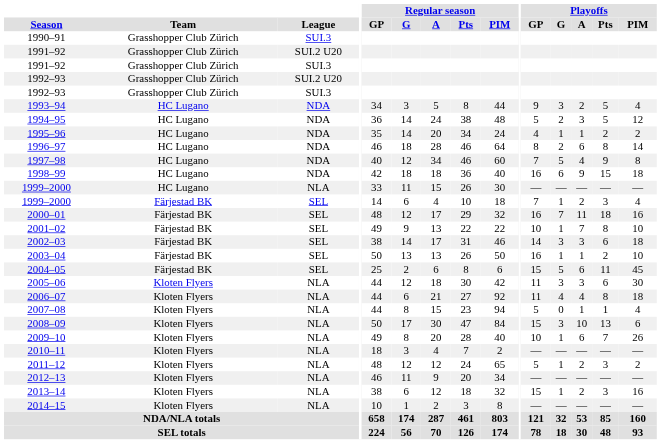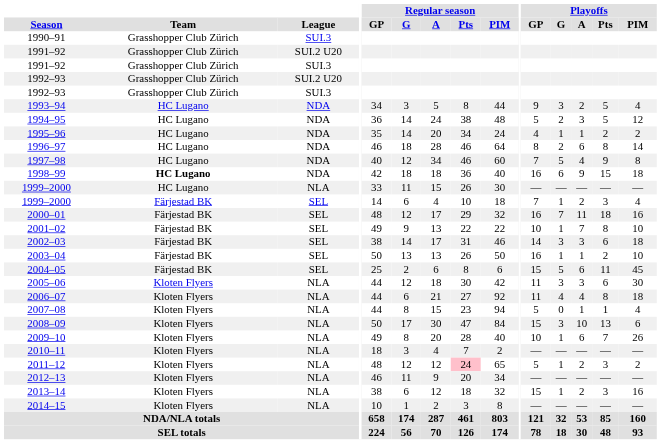 <table border="0" cellpadding="1" cellspacing="0" style="text-align:center; width:60em">
 <tr bgcolor="#e0e0e0">
 <th colspan="3" bgcolor="#ffffff"></th>
 <th rowspan="99" bgcolor="#ffffff"></th>
 <th colspan="5"><a href='#'>Regular season</a></th>
 <th rowspan="99" bgcolor="#ffffff"></th>
 <th colspan="5"><a href='#'>Playoffs</a></th>
 </tr>
 <tr bgcolor="#e0e0e0">
 <th><a href='#'>Season</a></th>
 <th>Team</th>
 <th>League</th>
 <th>GP</th>
 <th><a href='#'>G</a></th>
 <th><a href='#'>A</a></th>
 <th><a href='#'>Pts</a></th>
 <th><a href='#'>PIM</a></th>
 <th>GP</th>
 <th>G</th>
 <th>A</th>
 <th>Pts</th>
 <th>PIM</th>
 </tr>
 <tr>
 <td>1990–91</td>
 <td>Grasshopper Club Zürich</td>
 <td><a href='#'>SUI.3</a></td>
 <td></td>
 <td></td>
 <td></td>
 <td></td>
 <td></td>
 <td></td>
 <td></td>
 <td></td>
 <td></td>
 <td></td>
 </tr>
 <tr bgcolor="#f0f0f0">
 <td>1991–92</td>
 <td>Grasshopper Club Zürich</td>
 <td>SUI.2 U20</td>
 <td></td>
 <td></td>
 <td></td>
 <td></td>
 <td></td>
 <td></td>
 <td></td>
 <td></td>
 <td></td>
 <td></td>
 </tr>
 <tr>
 <td>1991–92</td>
 <td>Grasshopper Club Zürich</td>
 <td>SUI.3</td>
 <td></td>
 <td></td>
 <td></td>
 <td></td>
 <td></td>
 <td></td>
 <td></td>
 <td></td>
 <td></td>
 <td></td>
 </tr>
 <tr bgcolor="#f0f0f0">
 <td>1992–93</td>
 <td>Grasshopper Club Zürich</td>
 <td>SUI.2 U20</td>
 <td></td>
 <td></td>
 <td></td>
 <td></td>
 <td></td>
 <td></td>
 <td></td>
 <td></td>
 <td></td>
 <td></td>
 </tr>
 <tr>
 <td>1992–93</td>
 <td>Grasshopper Club Zürich</td>
 <td>SUI.3</td>
 <td></td>
 <td></td>
 <td></td>
 <td></td>
 <td></td>
 <td></td>
 <td></td>
 <td></td>
 <td></td>
 <td></td>
 </tr>
 <tr bgcolor="#f0f0f0">
 <td><a href='#'>1993–94</a></td>
 <td><a href='#'>HC Lugano</a></td>
 <td><a href='#'>NDA</a></td>
 <td>34</td>
 <td>3</td>
 <td>5</td>
 <td>8</td>
 <td>44</td>
 <td>9</td>
 <td>3</td>
 <td>2</td>
 <td>5</td>
 <td>4</td>
 </tr>
 <tr>
 <td><a href='#'>1994–95</a></td>
 <td>HC Lugano</td>
 <td>NDA</td>
 <td>36</td>
 <td>14</td>
 <td>24</td>
 <td>38</td>
 <td>48</td>
 <td>5</td>
 <td>2</td>
 <td>3</td>
 <td>5</td>
 <td>12</td>
 </tr>
 <tr bgcolor="#f0f0f0">
 <td><a href='#'>1995–96</a></td>
 <td>HC Lugano</td>
 <td>NDA</td>
 <td>35</td>
 <td>14</td>
 <td>20</td>
 <td>34</td>
 <td>24</td>
 <td>4</td>
 <td>1</td>
 <td>1</td>
 <td>2</td>
 <td>2</td>
 </tr>
 <tr>
 <td><a href='#'>1996–97</a></td>
 <td>HC Lugano</td>
 <td>NDA</td>
 <td>46</td>
 <td>18</td>
 <td>28</td>
 <td>46</td>
 <td>64</td>
 <td>8</td>
 <td>2</td>
 <td>6</td>
 <td>8</td>
 <td>14</td>
 </tr>
 <tr bgcolor="#f0f0f0">
 <td><a href='#'>1997–98</a></td>
 <td>HC Lugano</td>
 <td>NDA</td>
 <td>40</td>
 <td>12</td>
 <td>34</td>
 <td>46</td>
 <td>60</td>
 <td>7</td>
 <td>5</td>
 <td>4</td>
 <td>9</td>
 <td>8</td>
 </tr>
 <tr>
 <td><a href='#'>1998–99</a></td>
-<td>HC Lugano</td>
+<td><strong>HC Lugano</strong></td>
 <td>NDA</td>
 <td>42</td>
 <td>18</td>
 <td>18</td>
 <td>36</td>
 <td>40</td>
 <td>16</td>
 <td>6</td>
 <td>9</td>
 <td>15</td>
 <td>18</td>
 </tr>
 <tr bgcolor="#f0f0f0">
 <td><a href='#'>1999–2000</a></td>
 <td>HC Lugano</td>
 <td>NLA</td>
 <td>33</td>
 <td>11</td>
 <td>15</td>
 <td>26</td>
 <td>30</td>
 <td>—</td>
 <td>—</td>
 <td>—</td>
 <td>—</td>
 <td>—</td>
 </tr>
 <tr>
 <td><a href='#'>1999–2000</a></td>
 <td><a href='#'>Färjestad BK</a></td>
 <td><a href='#'>SEL</a></td>
 <td>14</td>
 <td>6</td>
 <td>4</td>
 <td>10</td>
 <td>18</td>
 <td>7</td>
 <td>1</td>
 <td>2</td>
 <td>3</td>
 <td>4</td>
 </tr>
 <tr bgcolor="#f0f0f0">
 <td><a href='#'>2000–01</a></td>
 <td>Färjestad BK</td>
 <td>SEL</td>
 <td>48</td>
 <td>12</td>
 <td>17</td>
 <td>29</td>
 <td>32</td>
 <td>16</td>
 <td>7</td>
 <td>11</td>
 <td>18</td>
 <td>16</td>
 </tr>
 <tr>
 <td><a href='#'>2001–02</a></td>
 <td>Färjestad BK</td>
 <td>SEL</td>
 <td>49</td>
 <td>9</td>
 <td>13</td>
 <td>22</td>
 <td>22</td>
 <td>10</td>
 <td>1</td>
 <td>7</td>
 <td>8</td>
 <td>10</td>
 </tr>
 <tr bgcolor="#f0f0f0">
 <td><a href='#'>2002–03</a></td>
 <td>Färjestad BK</td>
 <td>SEL</td>
 <td>38</td>
 <td>14</td>
 <td>17</td>
 <td>31</td>
 <td>46</td>
 <td>14</td>
 <td>3</td>
 <td>3</td>
 <td>6</td>
 <td>18</td>
 </tr>
 <tr>
 <td><a href='#'>2003–04</a></td>
 <td>Färjestad BK</td>
 <td>SEL</td>
 <td>50</td>
 <td>13</td>
 <td>13</td>
 <td>26</td>
 <td>50</td>
 <td>16</td>
 <td>1</td>
 <td>1</td>
 <td>2</td>
 <td>10</td>
 </tr>
 <tr bgcolor="#f0f0f0">
 <td><a href='#'>2004–05</a></td>
 <td>Färjestad BK</td>
 <td>SEL</td>
 <td>25</td>
 <td>2</td>
 <td>6</td>
 <td>8</td>
 <td>6</td>
 <td>15</td>
 <td>5</td>
 <td>6</td>
 <td>11</td>
 <td>45</td>
 </tr>
 <tr>
 <td><a href='#'>2005–06</a></td>
 <td><a href='#'>Kloten Flyers</a></td>
 <td>NLA</td>
 <td>44</td>
 <td>12</td>
 <td>18</td>
 <td>30</td>
 <td>42</td>
 <td>11</td>
 <td>3</td>
 <td>3</td>
 <td>6</td>
 <td>30</td>
 </tr>
 <tr bgcolor="#f0f0f0">
 <td><a href='#'>2006–07</a></td>
 <td>Kloten Flyers</td>
 <td>NLA</td>
 <td>44</td>
 <td>6</td>
 <td>21</td>
 <td>27</td>
 <td>92</td>
 <td>11</td>
 <td>4</td>
 <td>4</td>
 <td>8</td>
 <td>18</td>
 </tr>
 <tr>
 <td><a href='#'>2007–08</a></td>
 <td>Kloten Flyers</td>
 <td>NLA</td>
 <td>44</td>
 <td>8</td>
 <td>15</td>
 <td>23</td>
 <td>94</td>
 <td>5</td>
 <td>0</td>
 <td>1</td>
 <td>1</td>
 <td>4</td>
 </tr>
 <tr bgcolor="#f0f0f0">
 <td><a href='#'>2008–09</a></td>
 <td>Kloten Flyers</td>
 <td>NLA</td>
 <td>50</td>
 <td>17</td>
 <td>30</td>
 <td>47</td>
 <td>84</td>
 <td>15</td>
 <td>3</td>
 <td>10</td>
 <td>13</td>
 <td>6</td>
 </tr>
 <tr>
 <td><a href='#'>2009–10</a></td>
 <td>Kloten Flyers</td>
 <td>NLA</td>
 <td>49</td>
 <td>8</td>
 <td>20</td>
 <td>28</td>
 <td>40</td>
 <td>10</td>
 <td>1</td>
 <td>6</td>
 <td>7</td>
 <td>26</td>
 </tr>
 <tr bgcolor="#f0f0f0">
 <td><a href='#'>2010–11</a></td>
 <td>Kloten Flyers</td>
 <td>NLA</td>
 <td>18</td>
 <td>3</td>
 <td>4</td>
 <td>7</td>
 <td>2</td>
 <td>—</td>
 <td>—</td>
 <td>—</td>
 <td>—</td>
 <td>—</td>
 </tr>
 <tr>
 <td><a href='#'>2011–12</a></td>
 <td>Kloten Flyers</td>
 <td>NLA</td>
 <td>48</td>
 <td>12</td>
 <td>12</td>
-<td>24</td>
+<td style="background: pink;">24</td>
 <td>65</td>
 <td>5</td>
 <td>1</td>
 <td>2</td>
 <td>3</td>
 <td>2</td>
 </tr>
 <tr bgcolor="#f0f0f0">
 <td><a href='#'>2012–13</a></td>
 <td>Kloten Flyers</td>
 <td>NLA</td>
 <td>46</td>
 <td>11</td>
 <td>9</td>
 <td>20</td>
 <td>34</td>
 <td>—</td>
 <td>—</td>
 <td>—</td>
 <td>—</td>
 <td>—</td>
 </tr>
 <tr>
 <td><a href='#'>2013–14</a></td>
 <td>Kloten Flyers</td>
 <td>NLA</td>
 <td>38</td>
 <td>6</td>
 <td>12</td>
 <td>18</td>
 <td>32</td>
 <td>15</td>
 <td>1</td>
 <td>2</td>
 <td>3</td>
 <td>16</td>
 </tr>
 <tr bgcolor="#f0f0f0">
 <td><a href='#'>2014–15</a></td>
 <td>Kloten Flyers</td>
 <td>NLA</td>
 <td>10</td>
 <td>1</td>
 <td>2</td>
 <td>3</td>
 <td>8</td>
 <td>—</td>
 <td>—</td>
 <td>—</td>
 <td>—</td>
 <td>—</td>
 </tr>
 <tr bgcolor="#e0e0e0">
 <th colspan="3">NDA/NLA totals</th>
 <th>658</th>
 <th>174</th>
 <th>287</th>
 <th>461</th>
 <th>803</th>
 <th>121</th>
 <th>32</th>
 <th>53</th>
 <th>85</th>
 <th>160</th>
 </tr>
 <tr bgcolor="#e0e0e0">
 <th colspan="3">SEL totals</th>
 <th>224</th>
 <th>56</th>
 <th>70</th>
 <th>126</th>
 <th>174</th>
 <th>78</th>
 <th>18</th>
 <th>30</th>
 <th>48</th>
 <th>93</th>
 </tr>
 </table>
